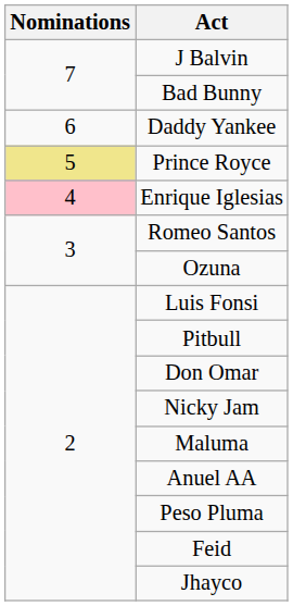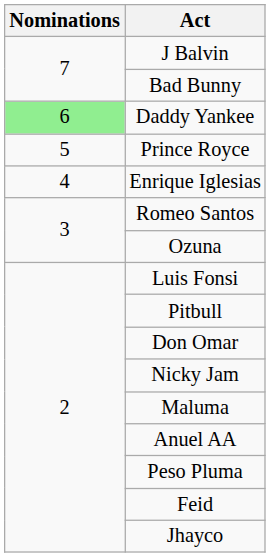 <table class="wikitable" rowspan="2" style="text-align:center;">
 <tr>
 <th scope="col">Nominations</th>
 <th scope="col">Act</th>
 </tr>
 <tr>
 <td rowspan="2">7</td>
 <td>J Balvin</td>
 </tr>
 <tr>
 <td>Bad Bunny</td>
 </tr>
 <tr>
-<td>6</td>
+<td style="background: lightgreen;">6</td>
 <td>Daddy Yankee</td>
 </tr>
 <tr>
-<td style="background: khaki;">5</td>
+<td>5</td>
 <td>Prince Royce</td>
 </tr>
 <tr>
-<td style="background: pink;">4</td>
+<td>4</td>
 <td>Enrique Iglesias</td>
 </tr>
 <tr>
 <td rowspan="2">3</td>
 <td>Romeo Santos</td>
 </tr>
 <tr>
 <td>Ozuna</td>
 </tr>
 <tr>
 <td rowspan="9">2</td>
 <td>Luis Fonsi</td>
 </tr>
 <tr>
 <td>Pitbull</td>
 </tr>
 <tr>
 <td>Don Omar</td>
 </tr>
 <tr>
 <td>Nicky Jam</td>
 </tr>
 <tr>
 <td>Maluma</td>
 </tr>
 <tr>
 <td>Anuel AA</td>
 </tr>
 <tr>
 <td>Peso Pluma</td>
 </tr>
 <tr>
 <td>Feid</td>
 </tr>
 <tr>
 <td>Jhayco</td>
 </tr>
 </table>
